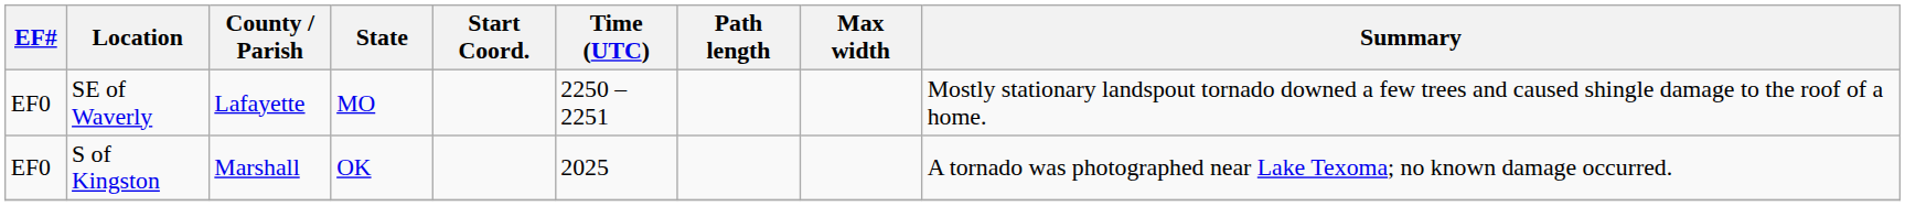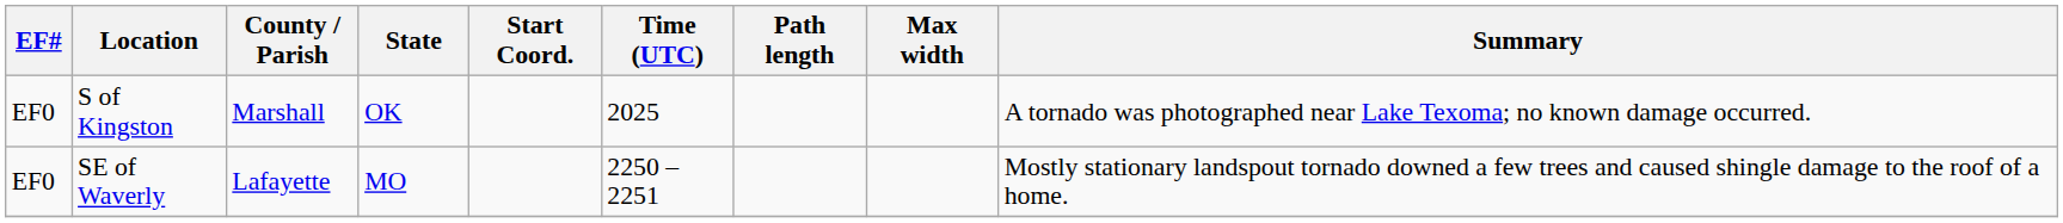 <table class="wikitable sortable" style="width:100%;">
 <tr>
 <th scope="col" width="3%" align="center"><a href='#'>EF#</a></th>
 <th scope="col" width="7%" align="center" class="unsortable">Location</th>
 <th scope="col" width="6%" align="center" class="unsortable">County / Parish</th>
 <th scope="col" width="5%" align="center">State</th>
 <th scope="col" width="6%" align="center">Start Coord.</th>
 <th scope="col" width="6%" align="center">Time (<a href='#'>UTC</a>)</th>
 <th scope="col" width="6%" align="center">Path length</th>
 <th scope="col" width="6%" align="center">Max width</th>
 <th scope="col" width="48%" class="unsortable" align="center">Summary</th>
 </tr>
 <tr>
 <td>EF0</td>
+<td>S of <a href='#'>Kingston</a></td>
+<td><a href='#'>Marshall</a></td>
+<td><a href='#'>OK</a></td>
+<td></td>
+<td>2025</td>
+<td></td>
+<td></td>
+<td>A tornado was photographed near <a href='#'>Lake Texoma</a>; no known damage occurred.</td>
+</tr>
+<tr>
+<td>EF0</td>
 <td>SE of <a href='#'>Waverly</a></td>
 <td><a href='#'>Lafayette</a></td>
 <td><a href='#'>MO</a></td>
 <td></td>
 <td>2250 – 2251</td>
 <td></td>
 <td></td>
 <td>Mostly stationary landspout tornado downed a few trees and caused shingle damage to the roof of a home.</td>
 </tr>
 <tr>
-<td>EF0</td>
-<td>S of <a href='#'>Kingston</a></td>
-<td><a href='#'>Marshall</a></td>
-<td><a href='#'>OK</a></td>
-<td></td>
-<td>2025</td>
-<td></td>
-<td></td>
-<td>A tornado was photographed near <a href='#'>Lake Texoma</a>; no known damage occurred.</td>
-</tr>
-<tr>
 </tr>
 </table>
